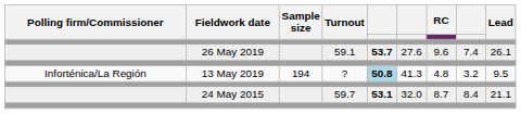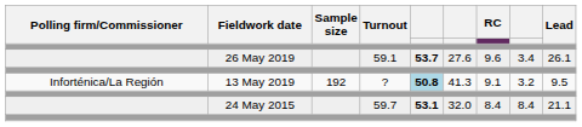 <table class="wikitable collapsible collapsed" style="text-align:center; font-size:95%; line-height:16px;">
 <tr style="height:42px;">
 <th style="width:250px;" rowspan="2">Polling firm/Commissioner</th>
 <th style="width:125px;" rowspan="2">Fieldwork date</th>
 <th style="width:50px;" rowspan="2">Sample size</th>
 <th style="width:45px;" rowspan="2">Turnout</th>
 <th style="width:35px;"></th>
 <th style="width:35px;"></th>
 <th style="width:35px;">RC</th>
 <th style="width:35px;"></th>
 <th style="width:30px;" rowspan="2">Lead</th>
 </tr>
 <tr>
 <th style="color:inherit;background:"></th>
 <th style="color:inherit;background:"></th>
 <th style="color:inherit;background:#612A60;"></th>
 <th style="color:inherit;background:"></th>
 </tr>
 <tr>
 <td colspan="9" style="background:#A0A0A0"></td>
 </tr>
 <tr style="background:#EFEFEF;">
 <td><strong></strong></td>
 <td>26 May 2019</td>
 <td></td>
 <td>59.1</td>
 <td><strong>53.7</strong><br></td>
 <td>27.6<br></td>
 <td>9.6<br></td>
-<td>7.4<br></td>
+<td>3.4<br></td>
 <td style="background:">26.1</td>
 </tr>
 <tr>
 <td colspan="9" style="background:#A0A0A0"></td>
 </tr>
 <tr>
 <td>Inforténica/La Región</td>
 <td>13 May 2019</td>
-<td>194</td>
+<td>192</td>
 <td>?</td>
 <td style="background: lightblue;"><strong>50.8</strong><br></td>
 <td>41.3<br></td>
-<td>4.8<br></td>
+<td>9.1<br></td>
 <td>3.2<br></td>
 <td style="background:">9.5</td>
 </tr>
 <tr>
 <td colspan="9" style="background:#A0A0A0"></td>
 </tr>
 <tr style="background:#EFEFEF;">
 <td><strong></strong></td>
 <td>24 May 2015</td>
 <td></td>
 <td>59.7</td>
 <td><strong>53.1</strong><br></td>
 <td>32.0<br></td>
-<td>8.7<br></td>
+<td>8.4<br></td>
 <td>8.4<br></td>
 <td style="background:">21.1</td>
 </tr>
 <tr>
 <td colspan="9" style="background:#A0A0A0"></td>
 </tr>
 </table>
